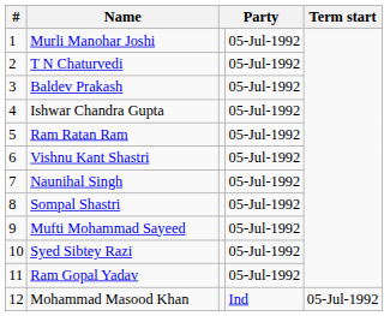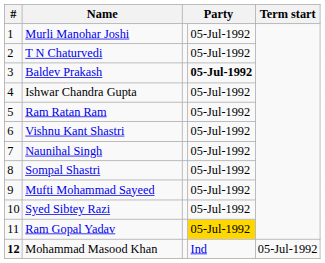 <table class="wikitable">
 <tr>
 <th>#</th>
 <th style="width:200px">Name</th>
 <th colspan="2">Party</th>
 <th>Term start</th>
 </tr>
 <tr>
 <td>1</td>
 <td><a href='#'>Murli Manohar Joshi</a></td>
 <td></td>
 <td>05-Jul-1992</td>
 </tr>
 <tr>
 <td>2</td>
 <td><a href='#'>T N Chaturvedi</a></td>
 <td></td>
 <td>05-Jul-1992</td>
 </tr>
 <tr>
 <td>3</td>
 <td><a href='#'>Baldev Prakash</a></td>
 <td></td>
-<td>05-Jul-1992</td>
+<td><strong>05-Jul-1992</strong></td>
 </tr>
 <tr>
 <td>4</td>
 <td>Ishwar Chandra Gupta</td>
 <td></td>
 <td>05-Jul-1992</td>
 </tr>
 <tr>
 <td>5</td>
 <td><a href='#'>Ram Ratan Ram</a></td>
 <td></td>
 <td>05-Jul-1992</td>
 </tr>
 <tr>
 <td>6</td>
 <td><a href='#'>Vishnu Kant Shastri</a></td>
 <td></td>
 <td>05-Jul-1992</td>
 </tr>
 <tr>
 <td>7</td>
 <td><a href='#'>Naunihal Singh</a></td>
 <td></td>
 <td>05-Jul-1992</td>
 </tr>
 <tr>
 <td>8</td>
 <td><a href='#'>Sompal Shastri</a></td>
 <td></td>
 <td>05-Jul-1992</td>
 </tr>
 <tr>
 <td>9</td>
 <td><a href='#'>Mufti Mohammad Sayeed</a></td>
 <td></td>
 <td>05-Jul-1992</td>
 </tr>
 <tr>
 <td>10</td>
 <td><a href='#'>Syed Sibtey Razi</a></td>
 <td></td>
 <td>05-Jul-1992</td>
 </tr>
 <tr>
 <td>11</td>
 <td><a href='#'>Ram Gopal Yadav</a></td>
 <td></td>
-<td>05-Jul-1992</td>
+<td style="background: gold;">05-Jul-1992</td>
 </tr>
 <tr>
-<td>12</td>
+<td><strong>12</strong></td>
 <td>Mohammad Masood Khan</td>
 <td style="background-color: "></td>
 <td><a href='#'>Ind</a></td>
 <td>05-Jul-1992</td>
 </tr>
 </table>
